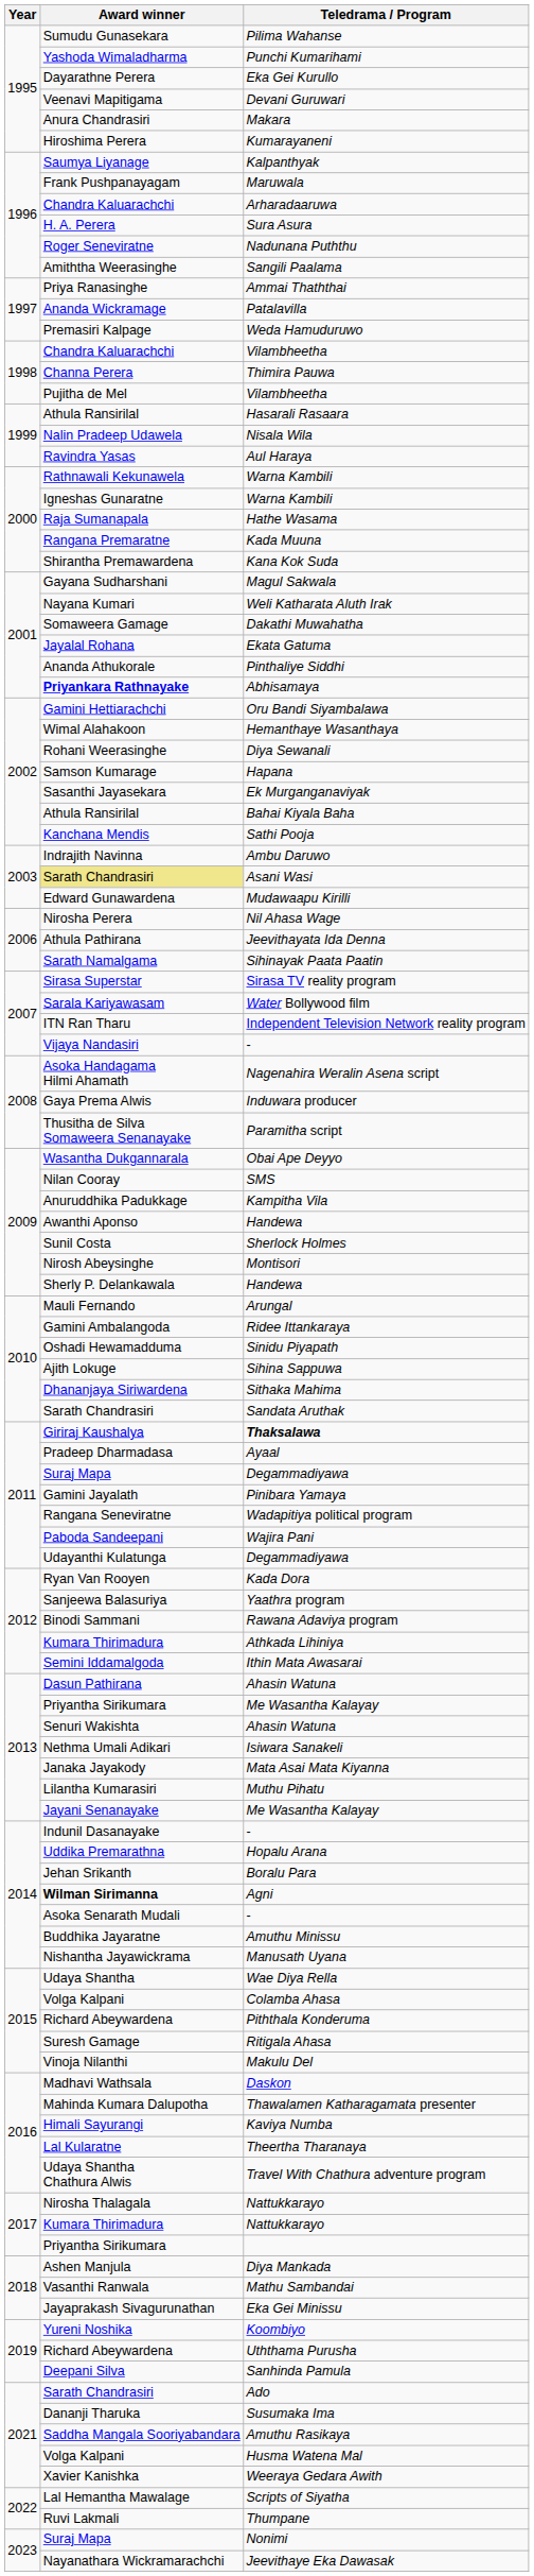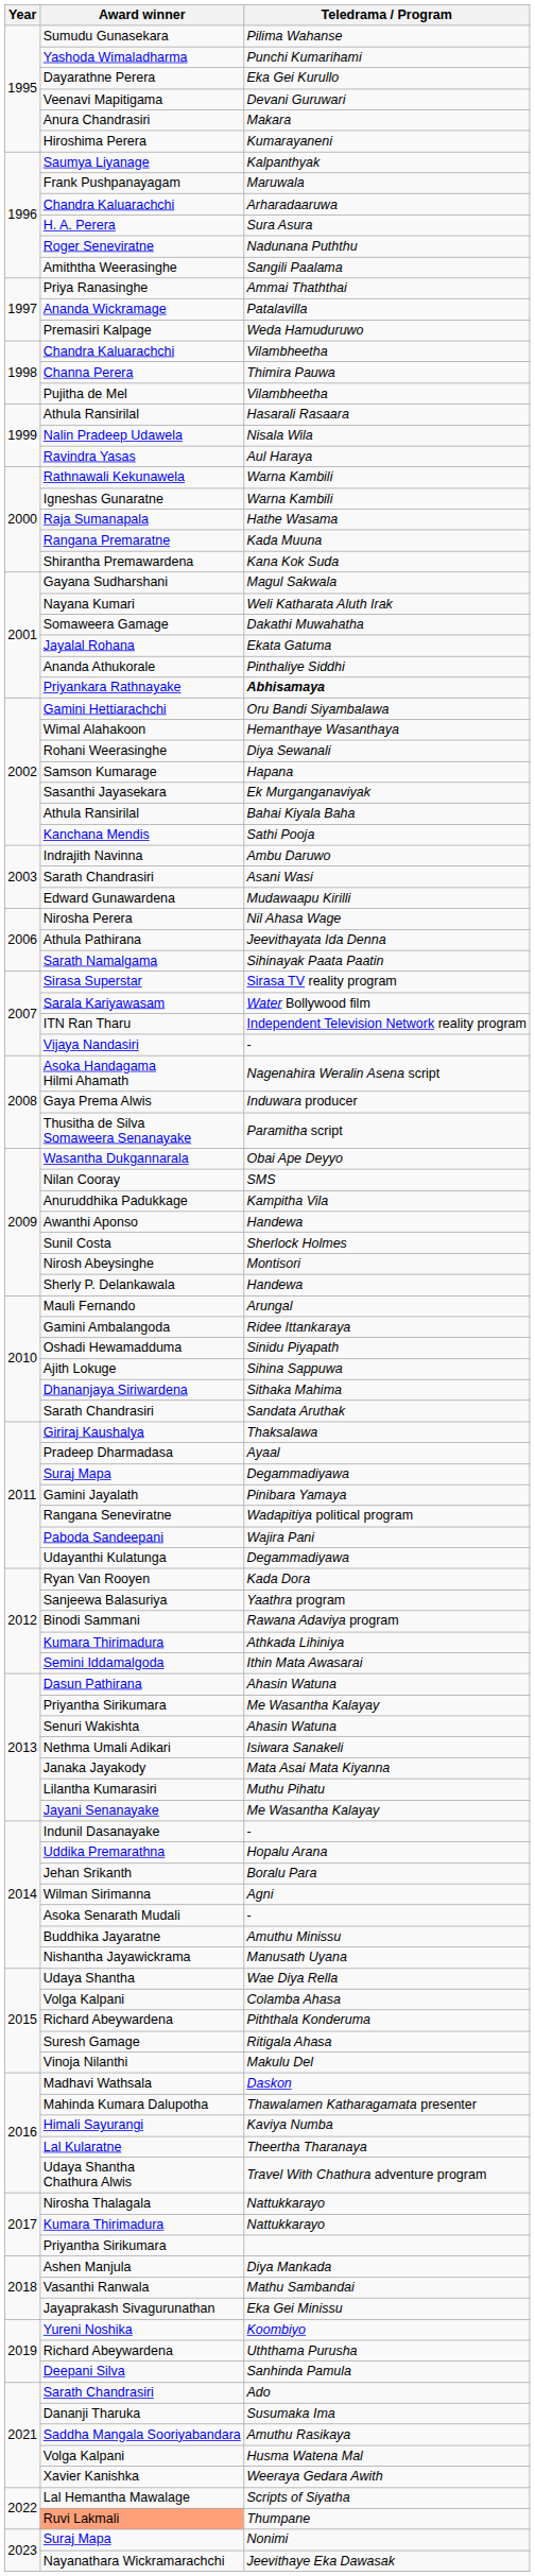 <table class="wikitable">
 <tr>
 <th>Year</th>
 <th>Award winner</th>
 <th>Teledrama / Program</th>
 </tr>
 <tr>
 <td rowspan="6">1995</td>
 <td>Sumudu Gunasekara</td>
 <td><em>Pilima Wahanse</em></td>
 </tr>
 <tr>
 <td><a href='#'>Yashoda Wimaladharma</a></td>
 <td><em>Punchi Kumarihami</em></td>
 </tr>
 <tr>
 <td>Dayarathne Perera</td>
 <td><em>Eka Gei Kurullo</em></td>
 </tr>
 <tr>
 <td>Veenavi Mapitigama</td>
 <td><em>Devani Guruwari</em></td>
 </tr>
 <tr>
 <td>Anura Chandrasiri</td>
 <td><em>Makara</em></td>
 </tr>
 <tr>
 <td>Hiroshima Perera</td>
 <td><em>Kumarayaneni</em></td>
 </tr>
 <tr>
 <td rowspan="6">1996</td>
 <td><a href='#'>Saumya Liyanage</a></td>
 <td><em>Kalpanthyak</em></td>
 </tr>
 <tr>
 <td>Frank Pushpanayagam</td>
 <td><em>Maruwala</em></td>
 </tr>
 <tr>
 <td><a href='#'>Chandra Kaluarachchi</a></td>
 <td><em>Arharadaaruwa</em></td>
 </tr>
 <tr>
 <td><a href='#'>H. A. Perera</a></td>
 <td><em>Sura Asura</em></td>
 </tr>
 <tr>
 <td><a href='#'>Roger Seneviratne</a></td>
 <td><em>Nadunana Puththu</em></td>
 </tr>
 <tr>
 <td>Amiththa Weerasinghe</td>
 <td><em>Sangili Paalama</em></td>
 </tr>
 <tr>
 <td rowspan="3">1997</td>
 <td>Priya Ranasinghe</td>
 <td><em>Ammai Thaththai</em></td>
 </tr>
 <tr>
 <td><a href='#'>Ananda Wickramage</a></td>
 <td><em>Patalavilla</em></td>
 </tr>
 <tr>
 <td>Premasiri Kalpage</td>
 <td><em>Weda Hamuduruwo</em></td>
 </tr>
 <tr>
 <td rowspan="3">1998</td>
 <td><a href='#'>Chandra Kaluarachchi</a></td>
 <td><em>Vilambheetha</em></td>
 </tr>
 <tr>
 <td><a href='#'>Channa Perera</a></td>
 <td><em>Thimira Pauwa</em></td>
 </tr>
 <tr>
 <td>Pujitha de Mel</td>
 <td><em>Vilambheetha</em></td>
 </tr>
 <tr>
 <td rowspan="3">1999</td>
 <td>Athula Ransirilal</td>
 <td><em>Hasarali Rasaara</em></td>
 </tr>
 <tr>
 <td><a href='#'>Nalin Pradeep Udawela</a></td>
 <td><em>Nisala Wila</em></td>
 </tr>
 <tr>
 <td><a href='#'>Ravindra Yasas</a></td>
 <td><em>Aul Haraya</em></td>
 </tr>
 <tr>
 <td rowspan="5">2000</td>
 <td><a href='#'>Rathnawali Kekunawela</a></td>
 <td><em>Warna Kambili</em></td>
 </tr>
 <tr>
 <td>Igneshas Gunaratne</td>
 <td><em>Warna Kambili</em></td>
 </tr>
 <tr>
 <td><a href='#'>Raja Sumanapala</a></td>
 <td><em>Hathe Wasama</em></td>
 </tr>
 <tr>
 <td><a href='#'>Rangana Premaratne</a></td>
 <td><em>Kada Muuna</em></td>
 </tr>
 <tr>
 <td>Shirantha Premawardena</td>
 <td><em>Kana Kok Suda</em></td>
 </tr>
 <tr>
 <td rowspan="6">2001</td>
 <td>Gayana Sudharshani</td>
 <td><em>Magul Sakwala</em></td>
 </tr>
 <tr>
 <td>Nayana Kumari</td>
 <td><em>Weli Katharata Aluth Irak</em></td>
 </tr>
 <tr>
 <td>Somaweera Gamage</td>
 <td><em>Dakathi Muwahatha</em></td>
 </tr>
 <tr>
 <td><a href='#'>Jayalal Rohana</a></td>
 <td><em>Ekata Gatuma</em></td>
 </tr>
 <tr>
 <td>Ananda Athukorale</td>
 <td><em>Pinthaliye Siddhi</em></td>
 </tr>
 <tr>
-<td><strong><a href='#'>Priyankara Rathnayake</a></strong></td>
-<td><em>Abhisamaya</em></td>
+<td><a href='#'>Priyankara Rathnayake</a></td>
+<td><strong><em>Abhisamaya</em></strong></td>
 </tr>
 <tr>
 <td rowspan="7">2002</td>
 <td><a href='#'>Gamini Hettiarachchi</a></td>
 <td><em>Oru Bandi Siyambalawa</em></td>
 </tr>
 <tr>
 <td>Wimal Alahakoon</td>
 <td><em>Hemanthaye Wasanthaya</em></td>
 </tr>
 <tr>
 <td>Rohani Weerasinghe</td>
 <td><em>Diya Sewanali</em></td>
 </tr>
 <tr>
 <td>Samson Kumarage</td>
 <td><em>Hapana</em></td>
 </tr>
 <tr>
 <td>Sasanthi Jayasekara</td>
 <td><em>Ek Murganganaviyak</em></td>
 </tr>
 <tr>
 <td>Athula Ransirilal</td>
 <td><em>Bahai Kiyala Baha</em></td>
 </tr>
 <tr>
 <td><a href='#'>Kanchana Mendis</a></td>
 <td><em>Sathi Pooja</em></td>
 </tr>
 <tr>
 <td rowspan="3">2003</td>
 <td>Indrajith Navinna</td>
 <td><em>Ambu Daruwo</em></td>
 </tr>
 <tr>
-<td style="background: khaki;">Sarath Chandrasiri</td>
+<td>Sarath Chandrasiri</td>
 <td><em>Asani Wasi</em></td>
 </tr>
 <tr>
 <td>Edward Gunawardena</td>
 <td><em>Mudawaapu Kirilli</em></td>
 </tr>
 <tr>
 <td rowspan="3">2006</td>
 <td>Nirosha Perera</td>
 <td><em>Nil Ahasa Wage</em></td>
 </tr>
 <tr>
 <td>Athula Pathirana</td>
 <td><em>Jeevithayata Ida Denna</em></td>
 </tr>
 <tr>
 <td><a href='#'>Sarath Namalgama</a></td>
 <td><em>Sihinayak Paata Paatin</em></td>
 </tr>
 <tr>
 <td rowspan="4">2007</td>
 <td><a href='#'>Sirasa Superstar</a></td>
 <td><a href='#'>Sirasa TV</a> reality program</td>
 </tr>
 <tr>
 <td><a href='#'>Sarala Kariyawasam</a></td>
 <td><em><a href='#'>Water</a></em> Bollywood film</td>
 </tr>
 <tr>
 <td>ITN Ran Tharu</td>
 <td><a href='#'>Independent Television Network</a> reality program</td>
 </tr>
 <tr>
 <td><a href='#'>Vijaya Nandasiri</a></td>
 <td>-</td>
 </tr>
 <tr>
 <td rowspan="3">2008</td>
 <td><a href='#'>Asoka Handagama</a> <br> Hilmi Ahamath</td>
 <td><em>Nagenahira Weralin Asena</em> script</td>
 </tr>
 <tr>
 <td>Gaya Prema Alwis</td>
 <td><em>Induwara</em> producer</td>
 </tr>
 <tr>
 <td>Thusitha de Silva <br> <a href='#'>Somaweera Senanayake</a></td>
 <td><em>Paramitha</em> script</td>
 </tr>
 <tr>
 <td rowspan="7">2009</td>
 <td><a href='#'>Wasantha Dukgannarala</a></td>
 <td><em>Obai Ape Deyyo</em></td>
 </tr>
 <tr>
 <td>Nilan Cooray</td>
 <td><em>SMS</em></td>
 </tr>
 <tr>
 <td>Anuruddhika Padukkage</td>
 <td><em>Kampitha Vila</em></td>
 </tr>
 <tr>
 <td>Awanthi Aponso</td>
 <td><em>Handewa</em></td>
 </tr>
 <tr>
 <td>Sunil Costa</td>
 <td><em>Sherlock Holmes</em></td>
 </tr>
 <tr>
 <td>Nirosh Abeysinghe</td>
 <td><em>Montisori</em></td>
 </tr>
 <tr>
 <td>Sherly P. Delankawala</td>
 <td><em>Handewa</em></td>
 </tr>
 <tr>
 <td rowspan="6">2010</td>
 <td>Mauli Fernando</td>
 <td><em>Arungal</em></td>
 </tr>
 <tr>
 <td>Gamini Ambalangoda</td>
 <td><em>Ridee Ittankaraya</em></td>
 </tr>
 <tr>
 <td>Oshadi Hewamadduma</td>
 <td><em>Sinidu Piyapath</em></td>
 </tr>
 <tr>
 <td>Ajith Lokuge</td>
 <td><em>Sihina Sappuwa</em></td>
 </tr>
 <tr>
 <td><a href='#'>Dhananjaya Siriwardena</a></td>
 <td><em>Sithaka Mahima</em></td>
 </tr>
 <tr>
 <td>Sarath Chandrasiri</td>
 <td><em>Sandata Aruthak</em></td>
 </tr>
 <tr>
 <td rowspan="7">2011</td>
 <td><a href='#'>Giriraj Kaushalya</a></td>
-<td><strong><em>Thaksalawa</em></strong></td>
+<td><em>Thaksalawa</em></td>
 </tr>
 <tr>
 <td>Pradeep Dharmadasa</td>
 <td><em>Ayaal</em></td>
 </tr>
 <tr>
 <td><a href='#'>Suraj Mapa</a></td>
 <td><em>Degammadiyawa</em></td>
 </tr>
 <tr>
 <td>Gamini Jayalath</td>
 <td><em>Pinibara Yamaya</em></td>
 </tr>
 <tr>
 <td>Rangana Seneviratne</td>
 <td><em>Wadapitiya</em> political program</td>
 </tr>
 <tr>
 <td><a href='#'>Paboda Sandeepani</a></td>
 <td><em>Wajira Pani</em></td>
 </tr>
 <tr>
 <td>Udayanthi Kulatunga</td>
 <td><em>Degammadiyawa</em></td>
 </tr>
 <tr>
 <td rowspan="5">2012</td>
 <td>Ryan Van Rooyen</td>
 <td><em>Kada Dora</em></td>
 </tr>
 <tr>
 <td>Sanjeewa Balasuriya</td>
 <td><em>Yaathra</em> program</td>
 </tr>
 <tr>
 <td>Binodi Sammani</td>
 <td><em>Rawana Adaviya</em> program</td>
 </tr>
 <tr>
 <td><a href='#'>Kumara Thirimadura</a></td>
 <td><em>Athkada Lihiniya</em></td>
 </tr>
 <tr>
 <td><a href='#'>Semini Iddamalgoda</a></td>
 <td><em>Ithin Mata Awasarai</em></td>
 </tr>
 <tr>
 <td rowspan="7">2013</td>
 <td><a href='#'>Dasun Pathirana</a></td>
 <td><em>Ahasin Watuna</em></td>
 </tr>
 <tr>
 <td>Priyantha Sirikumara</td>
 <td><em>Me Wasantha Kalayay</em></td>
 </tr>
 <tr>
 <td>Senuri Wakishta</td>
 <td><em>Ahasin Watuna</em></td>
 </tr>
 <tr>
 <td>Nethma Umali Adikari</td>
 <td><em>Isiwara Sanakeli</em></td>
 </tr>
 <tr>
 <td>Janaka Jayakody</td>
 <td><em>Mata Asai Mata Kiyanna</em></td>
 </tr>
 <tr>
 <td>Lilantha Kumarasiri</td>
 <td><em>Muthu Pihatu</em></td>
 </tr>
 <tr>
 <td><a href='#'>Jayani Senanayake</a></td>
 <td><em>Me Wasantha Kalayay</em></td>
 </tr>
 <tr>
 <td rowspan="7">2014</td>
 <td>Indunil Dasanayake</td>
 <td>-</td>
 </tr>
 <tr>
 <td><a href='#'>Uddika Premarathna</a></td>
 <td><em>Hopalu Arana</em></td>
 </tr>
 <tr>
 <td>Jehan Srikanth</td>
 <td><em>Boralu Para</em></td>
 </tr>
 <tr>
-<td><strong>Wilman Sirimanna</strong></td>
+<td>Wilman Sirimanna</td>
 <td><em>Agni</em></td>
 </tr>
 <tr>
 <td>Asoka Senarath Mudali</td>
 <td>-</td>
 </tr>
 <tr>
 <td>Buddhika Jayaratne</td>
 <td><em>Amuthu Minissu</em></td>
 </tr>
 <tr>
 <td>Nishantha Jayawickrama</td>
 <td><em>Manusath Uyana</em></td>
 </tr>
 <tr>
 <td rowspan="5">2015</td>
 <td>Udaya Shantha</td>
 <td><em>Wae Diya Rella</em></td>
 </tr>
 <tr>
 <td>Volga Kalpani</td>
 <td><em>Colamba Ahasa</em></td>
 </tr>
 <tr>
 <td>Richard Abeywardena</td>
 <td><em>Piththala Konderuma</em></td>
 </tr>
 <tr>
 <td>Suresh Gamage</td>
 <td><em>Ritigala Ahasa</em></td>
 </tr>
 <tr>
 <td>Vinoja Nilanthi</td>
 <td><em>Makulu Del</em></td>
 </tr>
 <tr>
 <td rowspan="5">2016</td>
 <td>Madhavi Wathsala</td>
 <td><em><a href='#'>Daskon</a></em></td>
 </tr>
 <tr>
 <td>Mahinda Kumara Dalupotha</td>
 <td><em>Thawalamen Katharagamata</em> presenter</td>
 </tr>
 <tr>
 <td><a href='#'>Himali Sayurangi</a></td>
 <td><em>Kaviya Numba</em></td>
 </tr>
 <tr>
 <td><a href='#'>Lal Kularatne</a></td>
 <td><em>Theertha Tharanaya</em></td>
 </tr>
 <tr>
 <td>Udaya Shantha <br> Chathura Alwis</td>
 <td><em>Travel With Chathura</em> adventure program</td>
 </tr>
 <tr>
 <td rowspan="3">2017</td>
 <td>Nirosha Thalagala</td>
 <td><em>Nattukkarayo</em></td>
 </tr>
 <tr>
 <td><a href='#'>Kumara Thirimadura</a></td>
 <td><em>Nattukkarayo</em></td>
 </tr>
 <tr>
 <td>Priyantha Sirikumara</td>
 <td></td>
 </tr>
 <tr>
 <td rowspan="3">2018</td>
 <td>Ashen Manjula</td>
 <td><em>Diya Mankada</em></td>
 </tr>
 <tr>
 <td>Vasanthi Ranwala</td>
 <td><em>Mathu Sambandai</em></td>
 </tr>
 <tr>
 <td>Jayaprakash Sivagurunathan</td>
 <td><em>Eka Gei Minissu</em></td>
 </tr>
 <tr>
 <td rowspan="3">2019</td>
 <td><a href='#'>Yureni Noshika</a></td>
 <td><em><a href='#'>Koombiyo</a></em></td>
 </tr>
 <tr>
 <td>Richard Abeywardena</td>
 <td><em>Uththama Purusha</em></td>
 </tr>
 <tr>
 <td><a href='#'>Deepani Silva</a></td>
 <td><em>Sanhinda Pamula</em></td>
 </tr>
 <tr>
 <td rowspan="5">2021</td>
 <td><a href='#'>Sarath Chandrasiri</a></td>
 <td><em>Ado</em></td>
 </tr>
 <tr>
 <td>Dananji Tharuka</td>
 <td><em>Susumaka Ima</em></td>
 </tr>
 <tr>
 <td><a href='#'>Saddha Mangala Sooriyabandara</a></td>
 <td><em>Amuthu Rasikaya</em></td>
 </tr>
 <tr>
 <td>Volga Kalpani</td>
 <td><em>Husma Watena Mal</em></td>
 </tr>
 <tr>
 <td>Xavier Kanishka</td>
 <td><em>Weeraya Gedara Awith</em> </td>
 </tr>
 <tr>
 <td rowspan="2">2022</td>
 <td>Lal Hemantha Mawalage</td>
 <td><em>Scripts of Siyatha</em> </td>
 </tr>
 <tr>
-<td>Ruvi Lakmali</td>
+<td style="background: lightsalmon;">Ruvi Lakmali</td>
 <td><em>Thumpane</em> </td>
 </tr>
 <tr>
 <td rowspan="2">2023</td>
 <td><a href='#'>Suraj Mapa</a></td>
 <td><em>Nonimi</em></td>
 </tr>
 <tr>
 <td>Nayanathara Wickramarachchi</td>
 <td><em>Jeevithaye Eka Dawasak</em></td>
 </tr>
 </table>
